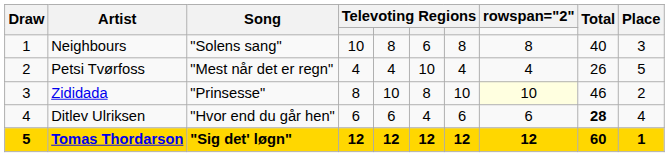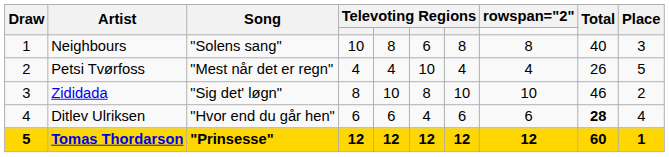 <table class="sortable wikitable" style="margin: 1em auto 1em auto; text-align:center">
 <tr>
 <th rowspan="2">Draw</th>
 <th rowspan="2">Artist</th>
 <th rowspan="2">Song</th>
 <th colspan="4">Televoting Regions</th>
 <th>rowspan="2" </th>
 <th rowspan="2">Total</th>
 <th rowspan="2">Place</th>
 </tr>
 <tr>
 <th></th>
 <th></th>
 <th></th>
 <th></th>
 </tr>
 <tr>
 <td>1</td>
 <td align="left">Neighbours</td>
 <td align="left">"Solens sang"</td>
 <td>10</td>
 <td>8</td>
 <td>6</td>
 <td>8</td>
 <td>8</td>
 <td>40</td>
 <td>3</td>
 </tr>
 <tr>
 <td>2</td>
 <td align="left">Petsi Tvørfoss</td>
 <td align="left">"Mest når det er regn"</td>
 <td>4</td>
 <td>4</td>
 <td>10</td>
 <td>4</td>
 <td>4</td>
 <td>26</td>
 <td>5</td>
 </tr>
 <tr>
 <td>3</td>
 <td align="left"><a href='#'>Zididada</a></td>
-<td align="left">"Prinsesse"</td>
+<td align="left">"Sig det' løgn"</td>
 <td>8</td>
 <td>10</td>
 <td>8</td>
 <td>10</td>
-<td style="background: lightyellow;">10</td>
+<td>10</td>
 <td>46</td>
 <td>2</td>
 </tr>
 <tr>
 <td>4</td>
 <td align="left">Ditlev Ulriksen</td>
 <td align="left">"Hvor end du går hen"</td>
 <td>6</td>
 <td>6</td>
 <td>4</td>
 <td>6</td>
 <td>6</td>
 <td><strong>28</strong></td>
 <td>4</td>
 </tr>
 <tr style="font-weight:bold; background:gold;">
 <td>5</td>
 <td align="left"><a href='#'>Tomas Thordarson</a></td>
-<td align="left">"Sig det' løgn"</td>
+<td align="left">"Prinsesse"</td>
 <td>12</td>
 <td>12</td>
 <td>12</td>
 <td>12</td>
 <td>12</td>
 <td>60</td>
 <td>1</td>
 </tr>
 </table>
